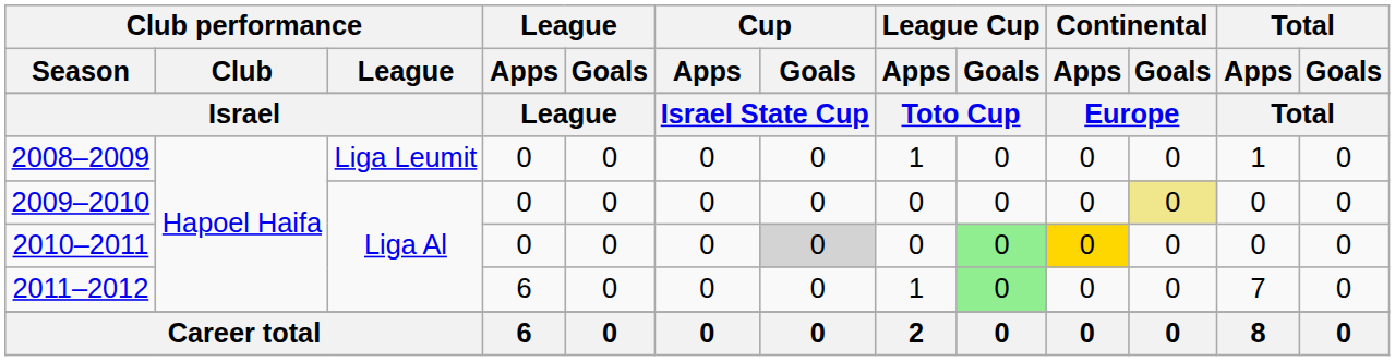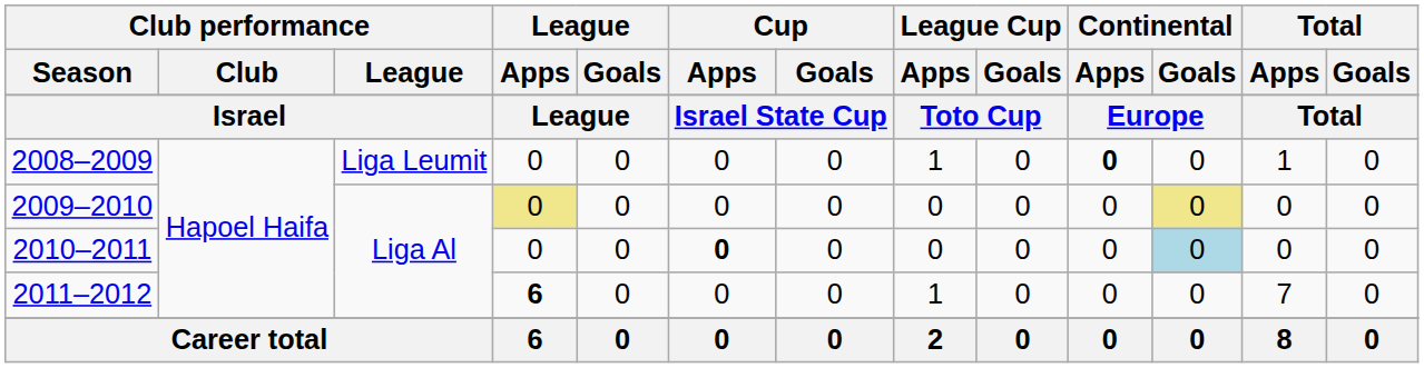 <table class="wikitable" style="text-align:center">
 <tr>
 <th colspan=3>Club performance</th>
 <th colspan=2>League</th>
 <th colspan=2>Cup</th>
 <th colspan=2>League Cup</th>
 <th colspan=2>Continental</th>
 <th colspan=2>Total</th>
 </tr>
 <tr>
 <th>Season</th>
 <th>Club</th>
 <th>League</th>
 <th>Apps</th>
 <th>Goals</th>
 <th>Apps</th>
 <th>Goals</th>
 <th>Apps</th>
 <th>Goals</th>
 <th>Apps</th>
 <th>Goals</th>
 <th>Apps</th>
 <th>Goals</th>
 </tr>
 <tr>
 </tr>
 <tr>
 <th colspan=3>Israel</th>
 <th colspan=2>League</th>
 <th colspan=2><a href='#'>Israel State Cup</a></th>
 <th colspan=2><a href='#'>Toto Cup</a></th>
 <th colspan=2><a href='#'>Europe</a></th>
 <th colspan=2>Total</th>
 </tr>
 <tr>
 <td><a href='#'>2008–2009</a></td>
 <td rowspan="4"><a href='#'>Hapoel Haifa</a></td>
 <td><a href='#'>Liga Leumit</a></td>
 <td>0</td>
 <td>0</td>
 <td>0</td>
 <td>0</td>
 <td>1</td>
 <td>0</td>
-<td>0</td>
+<td><strong>0</strong></td>
 <td>0</td>
 <td>1</td>
 <td>0</td>
 </tr>
 <tr>
 <td><a href='#'>2009–2010</a></td>
 <td rowspan="3"><a href='#'>Liga Al</a></td>
-<td>0</td>
+<td style="background: khaki;">0</td>
 <td>0</td>
 <td>0</td>
 <td>0</td>
 <td>0</td>
 <td>0</td>
 <td>0</td>
 <td style="background: khaki;">0</td>
 <td>0</td>
 <td>0</td>
 </tr>
 <tr>
 <td><a href='#'>2010–2011</a></td>
 <td>0</td>
 <td>0</td>
+<td><strong>0</strong></td>
 <td>0</td>
-<td style="background: lightgrey;">0</td>
 <td>0</td>
-<td style="background: lightgreen;">0</td>
-<td style="background: gold;">0</td>
 <td>0</td>
+<td>0</td>
+<td style="background: lightblue;">0</td>
 <td>0</td>
 <td>0</td>
 </tr>
 <tr>
 <td><a href='#'>2011–2012</a></td>
-<td>6</td>
+<td><strong>6</strong></td>
 <td>0</td>
 <td>0</td>
 <td>0</td>
 <td>1</td>
-<td style="background: lightgreen;">0</td>
+<td>0</td>
 <td>0</td>
 <td>0</td>
 <td>7</td>
 <td>0</td>
 </tr>
 <tr>
 </tr>
 <tr>
 <th colspan=3>Career total</th>
 <th>6</th>
 <th>0</th>
 <th>0</th>
 <th>0</th>
 <th>2</th>
 <th>0</th>
 <th>0</th>
 <th>0</th>
 <th>8</th>
 <th>0</th>
 </tr>
 </table>
